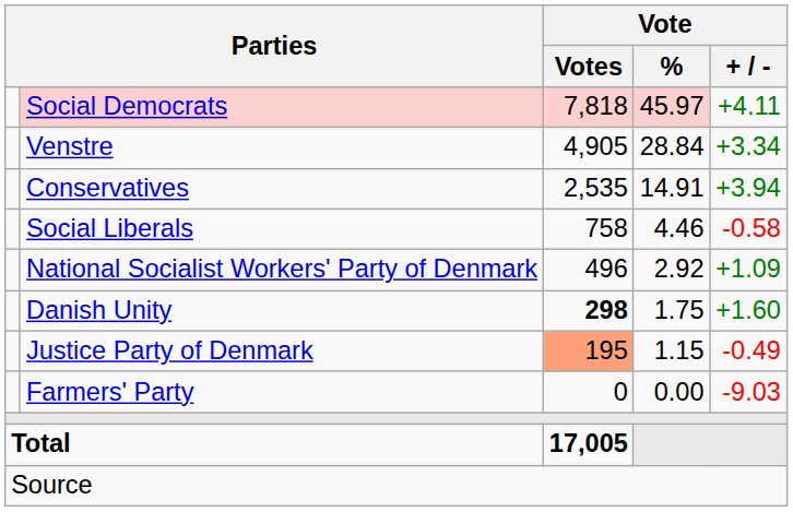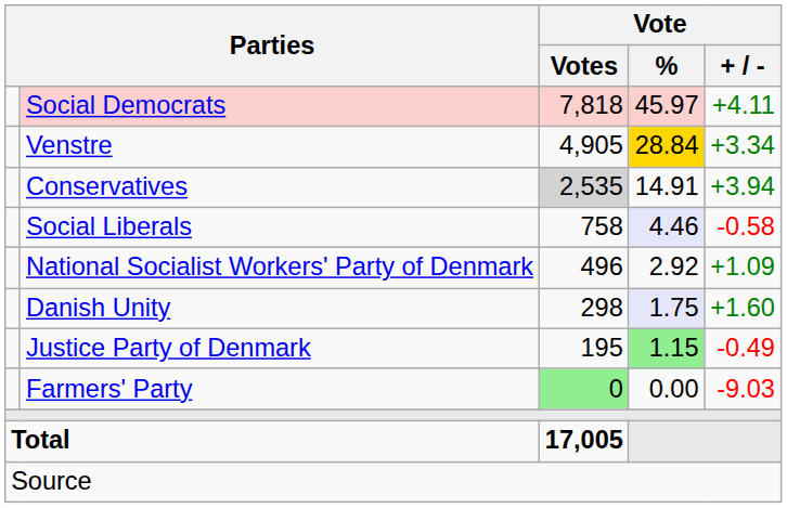 <table class="wikitable" style="text-align:right;">
 <tr>
 <th style="text-align:centre;" rowspan="2" colspan="2" width="225">Parties</th>
 <th colspan="3">Vote</th>
 </tr>
 <tr>
 <th width="15">Votes</th>
 <th width="15">%</th>
 <th width="15">+ / -</th>
 </tr>
 <tr>
 <td width="2" style="color:inherit;background:"></td>
 <td bgcolor=#fbd0ce  align="left"><a href='#'>Social Democrats</a></td>
 <td bgcolor=#fbd0ce>7,818</td>
 <td bgcolor=#fbd0ce>45.97</td>
 <td style=color:green;>+4.11</td>
 </tr>
 <tr>
 <td width="2" style="color:inherit;background:"></td>
 <td align="left"><a href='#'>Venstre</a></td>
 <td>4,905</td>
-<td>28.84</td>
+<td style="background: gold;">28.84</td>
 <td style=color:green;>+3.34</td>
 </tr>
 <tr>
 <td width="2" style="color:inherit;background:"></td>
 <td align="left"><a href='#'>Conservatives</a></td>
-<td>2,535</td>
+<td style="background: lightgrey;">2,535</td>
 <td>14.91</td>
 <td style=color:green;>+3.94</td>
 </tr>
 <tr>
 <td width="2" style="color:inherit;background:"></td>
 <td align="left"><a href='#'>Social Liberals</a></td>
 <td>758</td>
-<td>4.46</td>
+<td style="background: lavender;">4.46</td>
 <td style=color:red;>-0.58</td>
 </tr>
 <tr>
 <td width="2" style="color:inherit;background:"></td>
 <td align="left"><a href='#'>National Socialist Workers' Party of Denmark</a></td>
 <td>496</td>
 <td>2.92</td>
 <td style=color:green;>+1.09</td>
 </tr>
 <tr>
 <td width="2" style="color:inherit;background:"></td>
 <td align="left"><a href='#'>Danish Unity</a></td>
-<td><strong>298</strong></td>
-<td>1.75</td>
+<td>298</td>
+<td style="background: lavender;">1.75</td>
 <td style=color:green;>+1.60</td>
 </tr>
 <tr>
 <td width="2" style="color:inherit;background:"></td>
 <td align="left"><a href='#'>Justice Party of Denmark</a></td>
-<td style="background: lightsalmon;">195</td>
-<td>1.15</td>
+<td>195</td>
+<td style="background: lightgreen;">1.15</td>
 <td style=color:red;>-0.49</td>
 </tr>
 <tr>
 <td width="2" style="color:inherit;background:"></td>
 <td align="left"><a href='#'>Farmers' Party</a></td>
-<td>0</td>
+<td style="background: lightgreen;">0</td>
 <td>0.00</td>
 <td style=color:red;>-9.03</td>
 </tr>
 <tr>
 <td colspan="7" bgcolor="#E9E9E9"></td>
 </tr>
 <tr>
 <td align="left" colspan="2"><strong>Total</strong></td>
 <td><strong>17,005</strong></td>
 <td bgcolor="#E9E9E9" colspan="2"></td>
 </tr>
 <tr>
 <td align="left" colspan="6">Source</td>
 </tr>
 </table>
